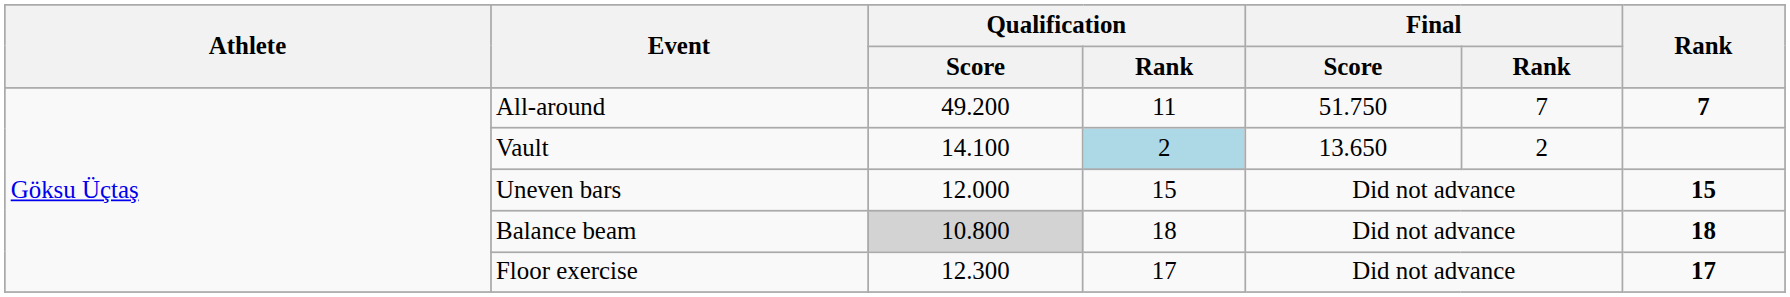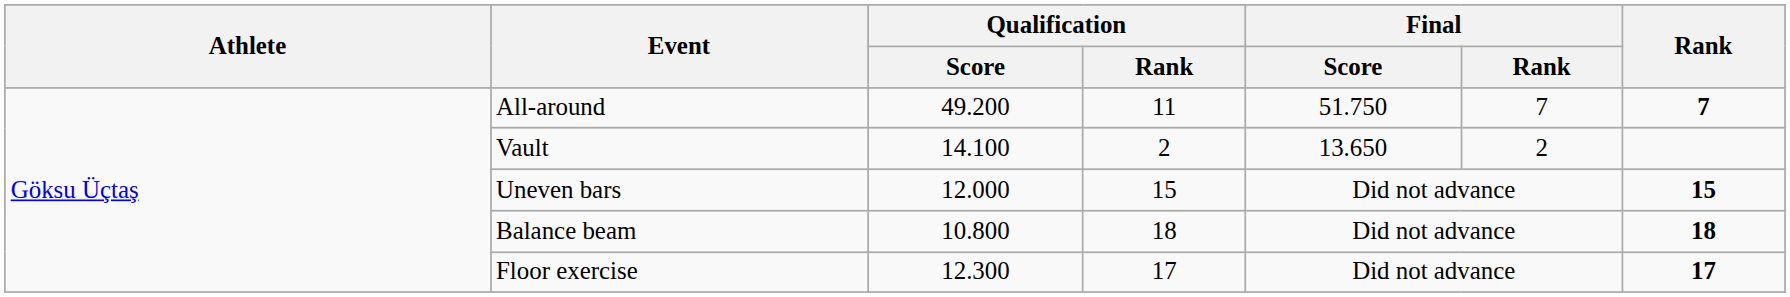 <table class="wikitable" width="65%" style="text-align:center; font-size:90%">
 <tr>
 <th rowspan="2" width="18%">Athlete</th>
 <th rowspan="2" width="14%">Event</th>
 <th colspan="2" width="14%">Qualification</th>
 <th colspan="2" width="14%">Final</th>
 <th rowspan="2" width="6%">Rank</th>
 </tr>
 <tr>
 <th width="8%">Score</th>
 <th>Rank</th>
 <th width="8%">Score</th>
 <th>Rank</th>
 </tr>
 <tr>
 <td rowspan=5 align="left"><a href='#'>Göksu Üçtaş</a></td>
 <td align="left">All-around</td>
 <td>49.200</td>
 <td>11 <strong></strong></td>
 <td>51.750</td>
 <td>7</td>
 <td><strong>7</strong></td>
 </tr>
 <tr>
 <td align="left">Vault</td>
 <td>14.100</td>
-<td style="background: lightblue;">2 <strong></strong></td>
+<td>2 <strong></strong></td>
 <td>13.650</td>
 <td>2</td>
 <td></td>
 </tr>
 <tr>
 <td align="left">Uneven bars</td>
 <td>12.000</td>
 <td>15</td>
 <td colspan=2>Did not advance</td>
 <td><strong>15</strong></td>
 </tr>
 <tr>
 <td align="left">Balance beam</td>
-<td style="background: lightgrey;">10.800</td>
+<td>10.800</td>
 <td>18</td>
 <td colspan=2>Did not advance</td>
 <td><strong>18</strong></td>
 </tr>
 <tr>
 <td align="left">Floor exercise</td>
 <td>12.300</td>
 <td>17</td>
 <td colspan=2>Did not advance</td>
 <td><strong>17</strong></td>
 </tr>
 </table>
